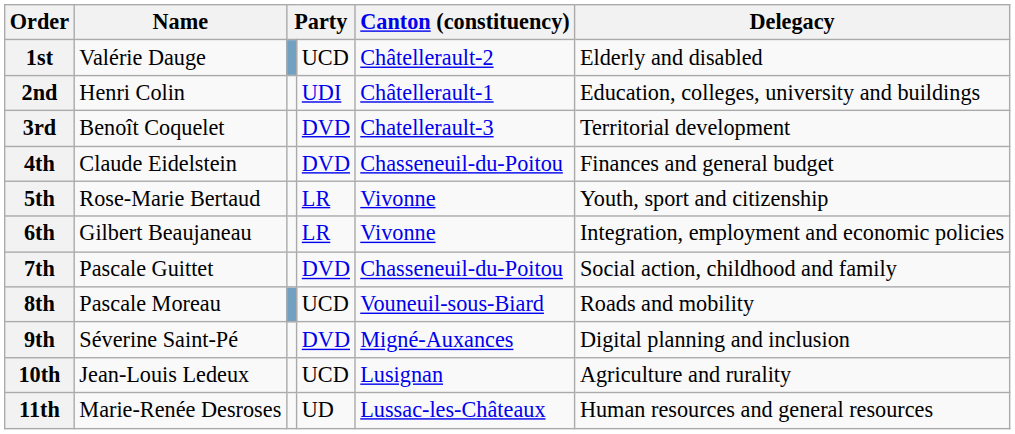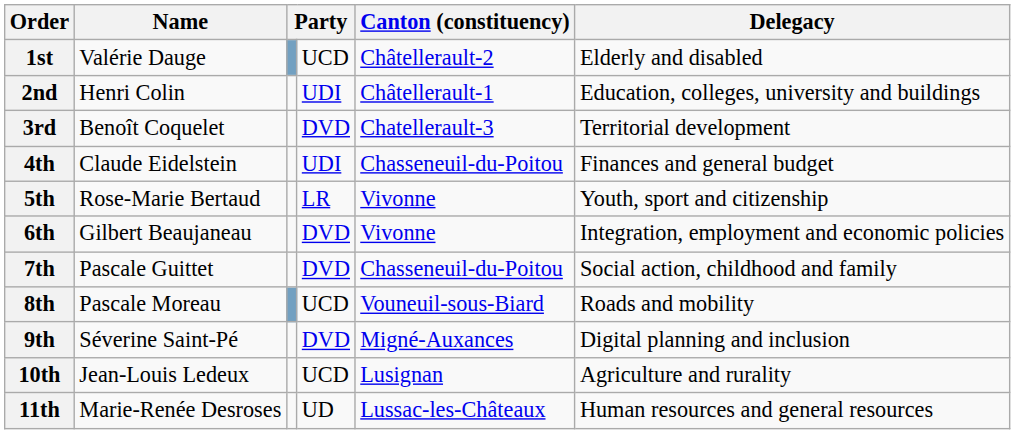 <table class="wikitable sortable">
 <tr>
 <th>Order</th>
 <th>Name</th>
 <th colspan="2">Party</th>
 <th><a href='#'>Canton</a> (constituency)</th>
 <th>Delegacy</th>
 </tr>
 <tr>
 <th>1st</th>
 <td>Valérie Dauge</td>
 <td style="color:inherit;background:#72A0C1"></td>
 <td>UCD</td>
 <td><a href='#'>Châtellerault-2</a></td>
 <td>Elderly and disabled</td>
 </tr>
 <tr>
 <th>2nd</th>
 <td>Henri Colin</td>
 <td style="color:inherit;background:"></td>
 <td><a href='#'>UDI</a></td>
 <td><a href='#'>Châtellerault-1</a></td>
 <td>Education, colleges, university and buildings</td>
 </tr>
 <tr>
 <th>3rd</th>
 <td>Benoît Coquelet</td>
 <td style="color:inherit;background:"></td>
 <td><a href='#'>DVD</a></td>
 <td><a href='#'>Chatellerault-3</a></td>
 <td>Territorial development</td>
 </tr>
 <tr>
 <th>4th</th>
 <td>Claude Eidelstein</td>
 <td style="color:inherit;background:"></td>
-<td><a href='#'>DVD</a></td>
+<td><a href='#'>UDI</a></td>
 <td><a href='#'>Chasseneuil-du-Poitou</a></td>
 <td>Finances and general budget</td>
 </tr>
 <tr>
 <th>5th</th>
 <td>Rose-Marie Bertaud</td>
 <td style="color:inherit;background:"></td>
 <td><a href='#'>LR</a></td>
 <td><a href='#'>Vivonne</a></td>
 <td>Youth, sport and citizenship</td>
 </tr>
 <tr>
 <th>6th</th>
 <td>Gilbert Beaujaneau</td>
 <td style="color:inherit;background:"></td>
-<td><a href='#'>LR</a></td>
+<td><a href='#'>DVD</a></td>
 <td><a href='#'>Vivonne</a></td>
 <td>Integration, employment and economic policies</td>
 </tr>
 <tr>
 <th>7th</th>
 <td>Pascale Guittet</td>
 <td style="color:inherit;background:"></td>
 <td><a href='#'>DVD</a></td>
 <td><a href='#'>Chasseneuil-du-Poitou</a></td>
 <td>Social action, childhood and family</td>
 </tr>
 <tr>
 <th>8th</th>
 <td>Pascale Moreau</td>
 <td style="color:inherit;background:#72A0C1"></td>
 <td>UCD</td>
 <td><a href='#'>Vouneuil-sous-Biard</a></td>
 <td>Roads and mobility</td>
 </tr>
 <tr>
 <th>9th</th>
 <td>Séverine Saint-Pé</td>
 <td style="color:inherit;background:"></td>
 <td><a href='#'>DVD</a></td>
 <td><a href='#'>Migné-Auxances</a></td>
 <td>Digital planning and inclusion</td>
 </tr>
 <tr>
 <th>10th</th>
 <td>Jean-Louis Ledeux</td>
 <td style="color:inherit;background:"></td>
 <td>UCD</td>
 <td><a href='#'>Lusignan</a></td>
 <td>Agriculture and rurality</td>
 </tr>
 <tr>
 <th>11th</th>
 <td>Marie-Renée Desroses</td>
 <td style="color:inherit;background:"></td>
 <td>UD</td>
 <td><a href='#'>Lussac-les-Châteaux</a></td>
 <td>Human resources and general resources</td>
 </tr>
 </table>
